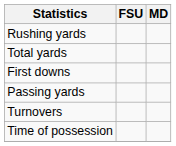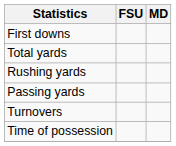 <table class="wikitable">
 <tr>
 <th>Statistics</th>
 <th>FSU</th>
 <th>MD</th>
 </tr>
 <tr>
-<td>Rushing yards</td>
+<td>First downs</td>
 <td></td>
 <td></td>
 </tr>
 <tr>
 <td>Total yards</td>
 <td></td>
 <td></td>
 </tr>
 <tr>
-<td>First downs</td>
+<td>Rushing yards</td>
 <td></td>
 <td></td>
 </tr>
 <tr>
 <td>Passing yards</td>
 <td></td>
 <td></td>
 </tr>
 <tr>
 <td>Turnovers</td>
 <td></td>
 <td></td>
 </tr>
 <tr>
 <td>Time of possession</td>
 <td></td>
 <td></td>
 </tr>
 <tr>
 </tr>
 </table>
